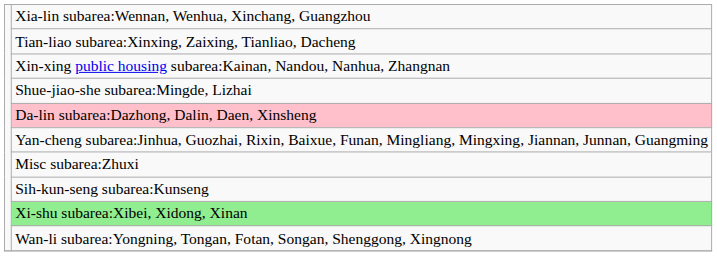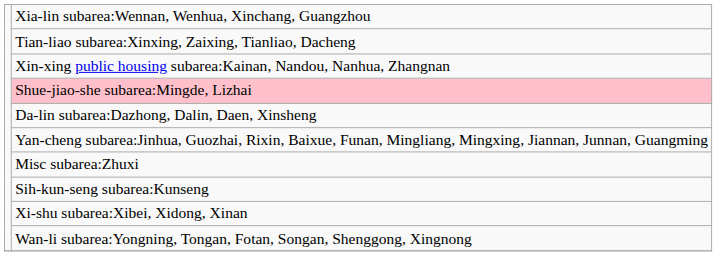 <table class=wikitable>
 <tr>
 <td rowspan=10></td>
 <td> Xia-lin subarea:Wennan, Wenhua, Xinchang, Guangzhou</td>
 </tr>
 <tr>
 <td> Tian-liao subarea:Xinxing, Zaixing, Tianliao, Dacheng</td>
 </tr>
 <tr>
 <td> Xin-xing <a href='#'>public housing</a> subarea:Kainan, Nandou, Nanhua, Zhangnan</td>
 </tr>
 <tr>
-<td> Shue-jiao-she subarea:Mingde, Lizhai</td>
+<td style="background: pink;"> Shue-jiao-she subarea:Mingde, Lizhai</td>
 </tr>
 <tr>
-<td style="background: pink;"> Da-lin subarea:Dazhong, Dalin, Daen, Xinsheng</td>
+<td> Da-lin subarea:Dazhong, Dalin, Daen, Xinsheng</td>
 </tr>
 <tr>
 <td> Yan-cheng subarea:Jinhua, Guozhai, Rixin, Baixue, Funan, Mingliang, Mingxing, Jiannan, Junnan, Guangming</td>
 </tr>
 <tr>
 <td> Misc subarea:Zhuxi</td>
 </tr>
 <tr>
 <td> Sih-kun-seng subarea:Kunseng</td>
 </tr>
 <tr>
-<td style="background: lightgreen;"> Xi-shu subarea:Xibei, Xidong, Xinan</td>
+<td> Xi-shu subarea:Xibei, Xidong, Xinan</td>
 </tr>
 <tr>
 <td> Wan-li  subarea:Yongning, Tongan, Fotan, Songan, Shenggong, Xingnong</td>
 </tr>
 <tr>
 </tr>
 </table>
